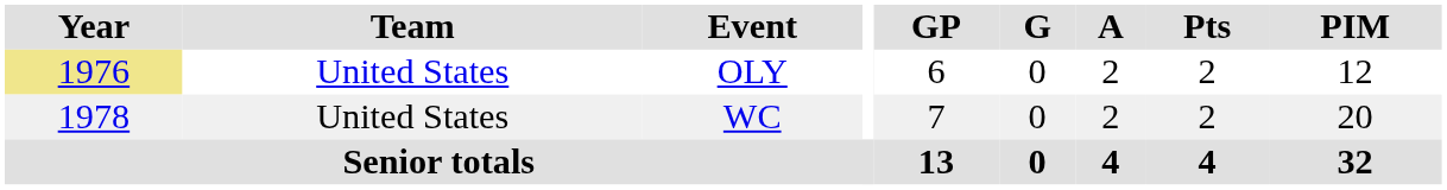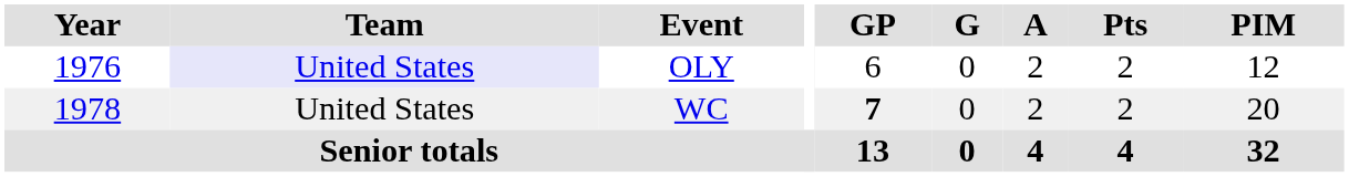 <table border="0" cellpadding="1" cellspacing="0" ID="Table3" style="text-align:center; width:40em">
 <tr bgcolor="#e0e0e0">
 <th>Year</th>
 <th>Team</th>
 <th>Event</th>
 <th rowspan="102" bgcolor="#ffffff"></th>
 <th>GP</th>
 <th>G</th>
 <th>A</th>
 <th>Pts</th>
 <th>PIM</th>
 </tr>
 <tr>
-<td style="background: khaki;"><a href='#'>1976</a></td>
-<td><a href='#'>United States</a></td>
+<td><a href='#'>1976</a></td>
+<td style="background: lavender;"><a href='#'>United States</a></td>
 <td><a href='#'>OLY</a></td>
 <td>6</td>
 <td>0</td>
 <td>2</td>
 <td>2</td>
 <td>12</td>
 </tr>
 <tr bgcolor="#f0f0f0">
 <td><a href='#'>1978</a></td>
 <td>United States</td>
 <td><a href='#'>WC</a></td>
-<td>7</td>
+<td><strong>7</strong></td>
 <td>0</td>
 <td>2</td>
 <td>2</td>
 <td>20</td>
 </tr>
 <tr bgcolor="#e0e0e0">
 <th colspan="4">Senior totals</th>
 <th>13</th>
 <th>0</th>
 <th>4</th>
 <th>4</th>
 <th>32</th>
 </tr>
 </table>
